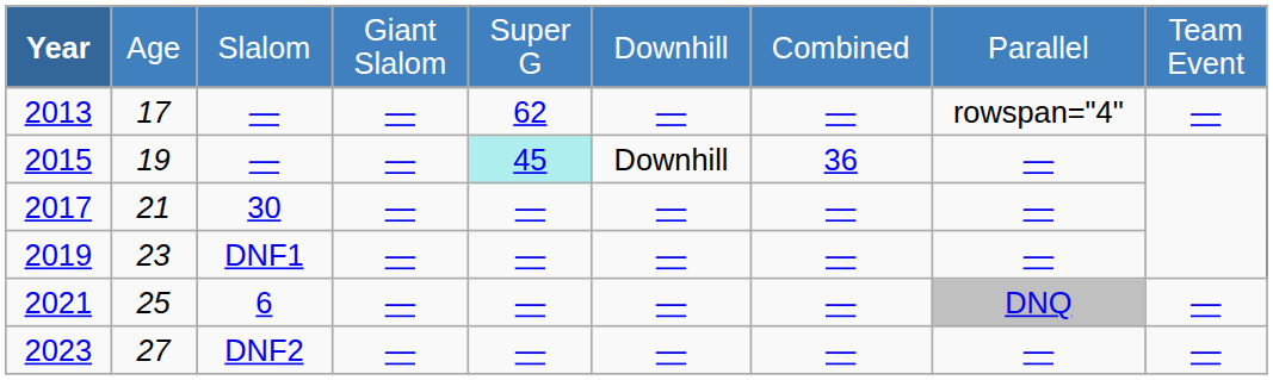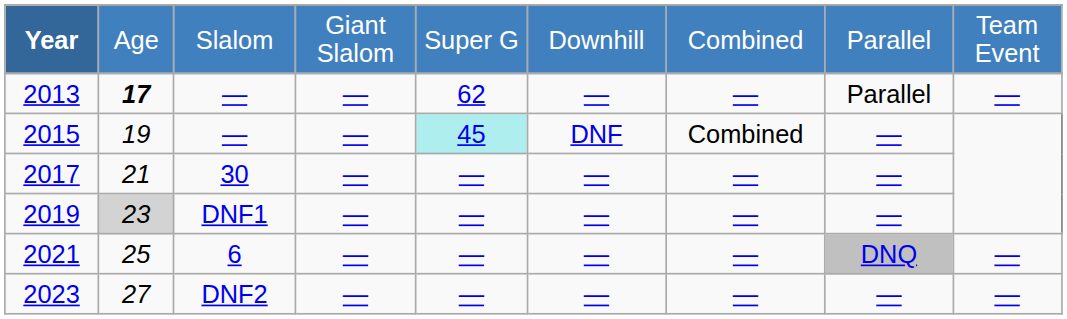 <table class="wikitable" style="font-size:95%; text-align:center; border:grey solid 1px; border-collapse:collapse;" width="40%">
 <tr style="background-color:#369; color:white;">
 <td rowspan="2" colspan="1" width="4%"><strong>Year</strong></td>
 </tr>
 <tr style="background-color:#4180be; color:white;">
 <td width="3%">Age</td>
 <td width="5%">Slalom</td>
 <td width="5%">Giant<br>Slalom</td>
 <td width="5%">Super G</td>
 <td width="5%">Downhill</td>
 <td width="5%">Combined</td>
 <td width="5%">Parallel</td>
 <td width="5%">Team Event</td>
 </tr>
 <tr style="background-color:#8CB2D8; color:white;">
 </tr>
 <tr>
 <td><a href='#'>2013</a></td>
-<td><em>17</em></td>
+<td><strong><em>17</em></strong></td>
 <td><a href='#'>—</a></td>
 <td><a href='#'>—</a></td>
 <td><a href='#'>62</a></td>
 <td><a href='#'>—</a></td>
 <td><a href='#'>—</a></td>
-<td>rowspan="4" </td>
+<td width="5%">Parallel</td>
 <td><a href='#'>—</a></td>
 </tr>
 <tr>
 <td><a href='#'>2015</a></td>
 <td><em>19</em></td>
 <td><a href='#'>—</a></td>
 <td><a href='#'>—</a></td>
 <td style="background: paleturquoise;"><a href='#'>45</a></td>
-<td width="5%">Downhill</td>
-<td><a href='#'>36</a></td>
+<td><a href='#'>DNF</a></td>
+<td width="5%">Combined</td>
 <td><a href='#'>—</a></td>
 </tr>
 <tr>
 <td><a href='#'>2017</a></td>
 <td><em>21</em></td>
 <td><a href='#'>30</a></td>
 <td><a href='#'>—</a></td>
 <td><a href='#'>—</a></td>
 <td><a href='#'>—</a></td>
 <td><a href='#'>—</a></td>
 <td><a href='#'>—</a></td>
 </tr>
 <tr>
 <td><a href='#'>2019</a></td>
-<td><em>23</em></td>
+<td style="background: lightgrey;"><em>23</em></td>
 <td><a href='#'>DNF1</a></td>
 <td><a href='#'>—</a></td>
 <td><a href='#'>—</a></td>
 <td><a href='#'>—</a></td>
 <td><a href='#'>—</a></td>
 <td><a href='#'>—</a></td>
 </tr>
 <tr>
 <td><a href='#'>2021</a></td>
 <td><em>25</em></td>
 <td><a href='#'>6</a></td>
 <td><a href='#'>—</a></td>
 <td><a href='#'>—</a></td>
 <td><a href='#'>—</a></td>
 <td><a href='#'>—</a></td>
 <td style="background:silver;"><a href='#'>DNQ</a></td>
 <td><a href='#'>—</a></td>
 </tr>
 <tr>
 <td><a href='#'>2023</a></td>
 <td><em>27</em></td>
 <td><a href='#'>DNF2</a></td>
 <td><a href='#'>—</a></td>
 <td><a href='#'>—</a></td>
 <td><a href='#'>—</a></td>
 <td><a href='#'>—</a></td>
 <td><a href='#'>—</a></td>
 <td><a href='#'>—</a></td>
 </tr>
 </table>
